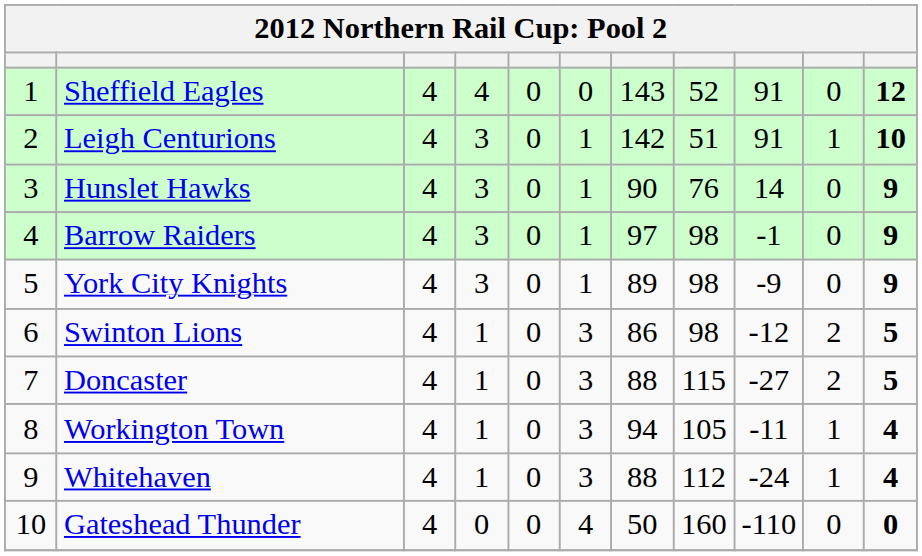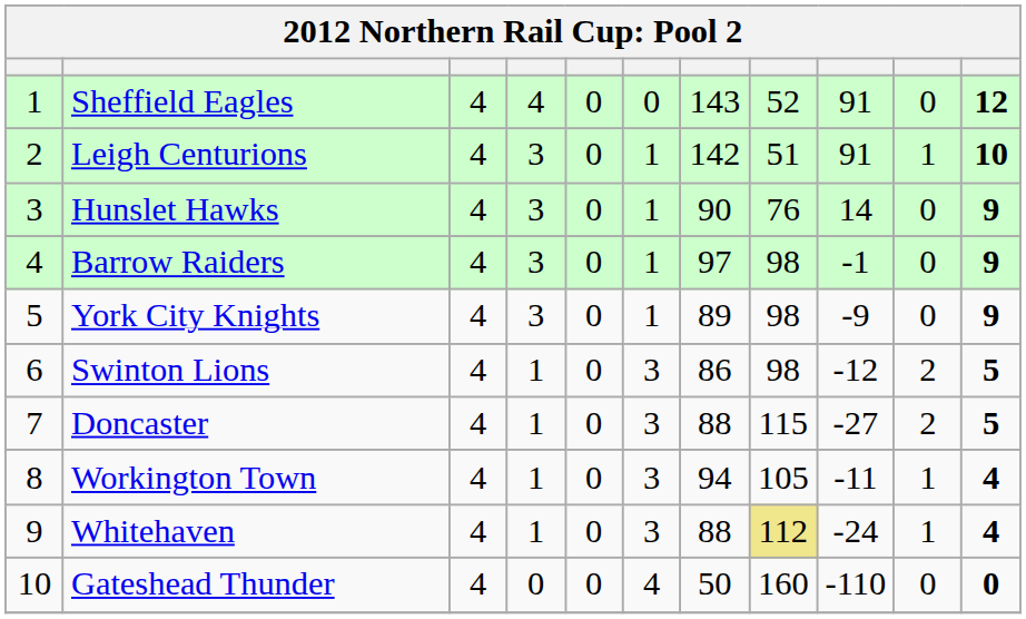 <table class="wikitable" style="text-align:center;">
 <tr>
 <th colspan="11">2012 Northern Rail Cup: Pool 2</th>
 </tr>
 <tr>
 <th width="20"></th>
 <th width="175"></th>
 <th width="20"></th>
 <th width="20"></th>
 <th width="20"></th>
 <th width="20"></th>
 <th width="25"></th>
 <th width="25"></th>
 <th width="25"></th>
 <th width="25"></th>
 <th width="20"></th>
 </tr>
 <tr align=center style="background:#CCFFCC;">
 <td>1</td>
 <td style="text-align:left"> <a href='#'>Sheffield Eagles</a></td>
 <td>4</td>
 <td>4</td>
 <td>0</td>
 <td>0</td>
 <td>143</td>
 <td>52</td>
 <td>91</td>
 <td>0</td>
 <td><strong>12</strong></td>
 </tr>
 <tr align=center style="background:#CCFFCC;">
 <td>2</td>
 <td style="text-align:left;"> <a href='#'>Leigh Centurions</a></td>
 <td>4</td>
 <td>3</td>
 <td>0</td>
 <td>1</td>
 <td>142</td>
 <td>51</td>
 <td>91</td>
 <td>1</td>
 <td><strong>10</strong></td>
 </tr>
 <tr align=center style="background:#CCFFCC;">
 <td>3</td>
 <td style="text-align:left;"> <a href='#'>Hunslet Hawks</a></td>
 <td>4</td>
 <td>3</td>
 <td>0</td>
 <td>1</td>
 <td>90</td>
 <td>76</td>
 <td>14</td>
 <td>0</td>
 <td><strong>9</strong></td>
 </tr>
 <tr align=center style="background:#CCFFCC;">
 <td>4</td>
 <td style="text-align:left;"> <a href='#'>Barrow Raiders</a></td>
 <td>4</td>
 <td>3</td>
 <td>0</td>
 <td>1</td>
 <td>97</td>
 <td>98</td>
 <td>-1</td>
 <td>0</td>
 <td><strong>9</strong></td>
 </tr>
 <tr align=center>
 <td>5</td>
 <td style="text-align:left;"> <a href='#'>York City Knights</a></td>
 <td>4</td>
 <td>3</td>
 <td>0</td>
 <td>1</td>
 <td>89</td>
 <td>98</td>
 <td>-9</td>
 <td>0</td>
 <td><strong>9</strong></td>
 </tr>
 <tr align=center>
 <td>6</td>
 <td style="text-align:left;"> <a href='#'>Swinton Lions</a></td>
 <td>4</td>
 <td>1</td>
 <td>0</td>
 <td>3</td>
 <td>86</td>
 <td>98</td>
 <td>-12</td>
 <td>2</td>
 <td><strong>5</strong></td>
 </tr>
 <tr align=center>
 <td>7</td>
 <td style="text-align:left;"> <a href='#'>Doncaster</a></td>
 <td>4</td>
 <td>1</td>
 <td>0</td>
 <td>3</td>
 <td>88</td>
 <td>115</td>
 <td>-27</td>
 <td>2</td>
 <td><strong>5</strong></td>
 </tr>
 <tr align=center>
 <td>8</td>
 <td style="text-align:left;"> <a href='#'>Workington Town</a></td>
 <td>4</td>
 <td>1</td>
 <td>0</td>
 <td>3</td>
 <td>94</td>
 <td>105</td>
 <td>-11</td>
 <td>1</td>
 <td><strong>4</strong></td>
 </tr>
 <tr align=center>
 <td>9</td>
 <td style="text-align:left;"> <a href='#'>Whitehaven</a></td>
 <td>4</td>
 <td>1</td>
 <td>0</td>
 <td>3</td>
 <td>88</td>
-<td>112</td>
+<td style="background: khaki;">112</td>
 <td>-24</td>
 <td>1</td>
 <td><strong>4</strong></td>
 </tr>
 <tr align=center>
 <td>10</td>
 <td style="text-align:left;"> <a href='#'>Gateshead Thunder</a></td>
 <td>4</td>
 <td>0</td>
 <td>0</td>
 <td>4</td>
 <td>50</td>
 <td>160</td>
 <td>-110</td>
 <td>0</td>
 <td><strong>0</strong></td>
 </tr>
 <tr>
 </tr>
 </table>
